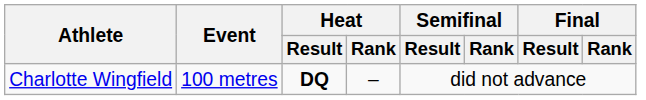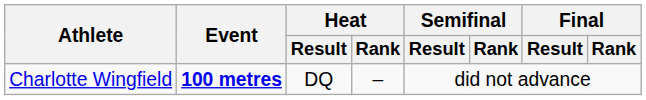 <table class="wikitable" style="font-size:90%">
 <tr>
 <th rowspan="2">Athlete</th>
 <th rowspan="2">Event</th>
 <th colspan="2">Heat</th>
 <th colspan="2">Semifinal</th>
 <th colspan="2">Final</th>
 </tr>
 <tr style="font-size:95%">
 <th>Result</th>
 <th>Rank</th>
 <th>Result</th>
 <th>Rank</th>
 <th>Result</th>
 <th>Rank</th>
 </tr>
 <tr style=text-align:center>
 <td style=text-align:left><a href='#'>Charlotte Wingfield</a></td>
-<td style=text-align:left><a href='#'>100 metres</a></td>
-<td><strong>DQ</strong></td>
+<td style=text-align:left><strong><a href='#'>100 metres</a></strong></td>
+<td>DQ</td>
 <td>–</td>
 <td colspan="4">did not advance</td>
 </tr>
 </table>
